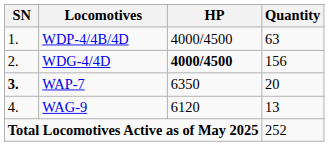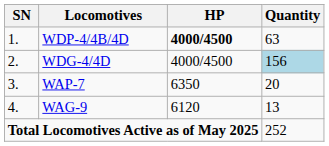 <table class="wikitable">
 <tr>
 <th>SN</th>
 <th>Locomotives</th>
 <th>HP</th>
 <th>Quantity</th>
 </tr>
 <tr>
 <td>1.</td>
 <td><a href='#'>WDP-4/4B/4D</a></td>
-<td>4000/4500</td>
+<td><strong>4000/4500</strong></td>
 <td>63</td>
 </tr>
 <tr>
 <td>2.</td>
 <td><a href='#'>WDG-4/4D</a></td>
-<td><strong>4000/4500</strong></td>
-<td>156</td>
+<td>4000/4500</td>
+<td style="background: lightblue;">156</td>
 </tr>
 <tr>
-<td><strong>3.</strong></td>
+<td>3.</td>
 <td><a href='#'>WAP-7</a></td>
 <td>6350</td>
 <td>20</td>
 </tr>
 <tr>
 <td>4.</td>
 <td><a href='#'>WAG-9</a></td>
 <td>6120</td>
 <td>13</td>
 </tr>
 <tr>
 <td colspan="3"><strong>Total Locomotives Active as of May 2025</strong></td>
 <td>252</td>
 </tr>
 </table>
